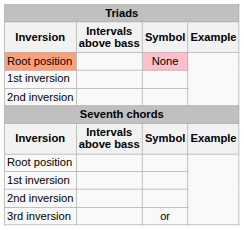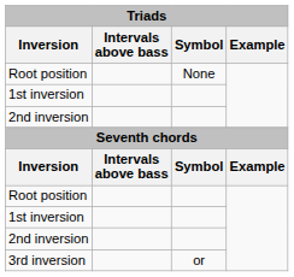 <table class="wikitable floatright">
 <tr>
 <th colspan="4" style="background: Silver">Triads</th>
 </tr>
 <tr>
 <th align="center">Inversion</th>
 <th align="center">Intervals<br>above bass</th>
 <th align="center">Symbol</th>
 <th align="center">Example</th>
 </tr>
 <tr>
-<td style="background: lightsalmon;">Root position</td>
+<td>Root position</td>
 <td align="center"></td>
-<td align="center" style="background: pink;">None</td>
+<td align="center">None</td>
 <td rowspan="3" align="center"></td>
 </tr>
 <tr>
 <td>1st inversion</td>
 <td align="center"></td>
 <td align="center"></td>
 </tr>
 <tr>
 <td>2nd inversion</td>
 <td align="center"></td>
 <td align="center"></td>
 </tr>
 <tr>
 <th colspan="4" style="background: Silver">Seventh chords</th>
 </tr>
 <tr>
 <th align="center">Inversion</th>
 <th align="center">Intervals<br>above bass</th>
 <th align="center">Symbol</th>
 <th align="center">Example</th>
 </tr>
 <tr>
 <td>Root position</td>
 <td align="center"></td>
 <td align="center"></td>
 <td rowspan="4" align="center"></td>
 </tr>
 <tr>
 <td>1st inversion</td>
 <td align="center"></td>
 <td align="center"></td>
 </tr>
 <tr>
 <td>2nd inversion</td>
 <td align="center"></td>
 <td align="center"></td>
 </tr>
 <tr>
 <td>3rd inversion</td>
 <td align="center"></td>
 <td align="center"> or </td>
 </tr>
 </table>
